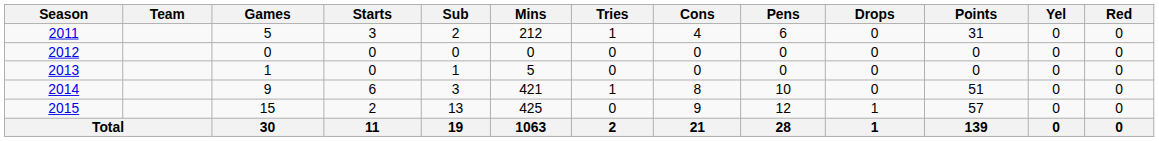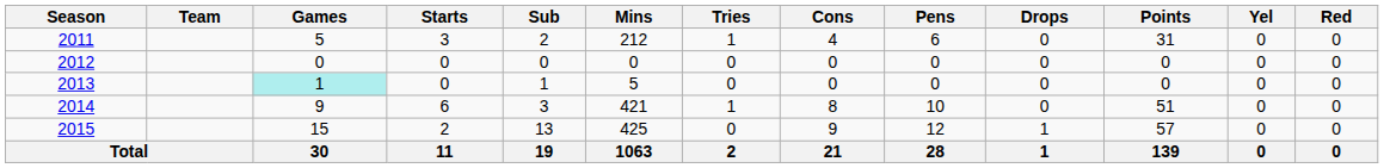 <table class="wikitable" style="text-align:center; line-height:90%; font-size:95%; width:100%;">
 <tr>
 <th>Season</th>
 <th>Team</th>
 <th>Games</th>
 <th>Starts</th>
 <th>Sub</th>
 <th>Mins</th>
 <th>Tries</th>
 <th>Cons</th>
 <th>Pens</th>
 <th>Drops</th>
 <th>Points</th>
 <th>Yel</th>
 <th>Red</th>
 </tr>
 <tr>
 <td><a href='#'>2011</a></td>
 <td></td>
 <td>5</td>
 <td>3</td>
 <td>2</td>
 <td>212</td>
 <td>1</td>
 <td>4</td>
 <td>6</td>
 <td>0</td>
 <td>31</td>
 <td>0</td>
 <td>0</td>
 </tr>
 <tr>
 <td><a href='#'>2012</a></td>
 <td></td>
 <td>0</td>
 <td>0</td>
 <td>0</td>
 <td>0</td>
 <td>0</td>
 <td>0</td>
 <td>0</td>
 <td>0</td>
 <td>0</td>
 <td>0</td>
 <td>0</td>
 </tr>
 <tr>
 <td><a href='#'>2013</a></td>
 <td></td>
-<td>1</td>
+<td style="background: paleturquoise;">1</td>
 <td>0</td>
 <td>1</td>
 <td>5</td>
 <td>0</td>
 <td>0</td>
 <td>0</td>
 <td>0</td>
 <td>0</td>
 <td>0</td>
 <td>0</td>
 </tr>
 <tr>
 <td><a href='#'>2014</a></td>
 <td></td>
 <td>9</td>
 <td>6</td>
 <td>3</td>
 <td>421</td>
 <td>1</td>
 <td>8</td>
 <td>10</td>
 <td>0</td>
 <td>51</td>
 <td>0</td>
 <td>0</td>
 </tr>
 <tr>
 <td><a href='#'>2015</a></td>
 <td></td>
 <td>15</td>
 <td>2</td>
 <td>13</td>
 <td>425</td>
 <td>0</td>
 <td>9</td>
 <td>12</td>
 <td>1</td>
 <td>57</td>
 <td>0</td>
 <td>0</td>
 </tr>
 <tr>
 <th colspan="2">Total</th>
 <th>30</th>
 <th>11</th>
 <th>19</th>
 <th>1063</th>
 <th>2</th>
 <th>21</th>
 <th>28</th>
 <th>1</th>
 <th>139</th>
 <th>0</th>
 <th>0</th>
 </tr>
 </table>
